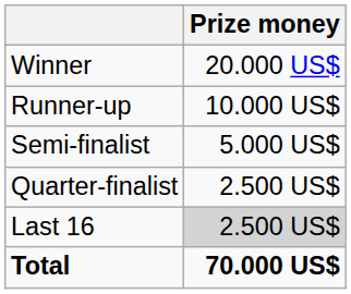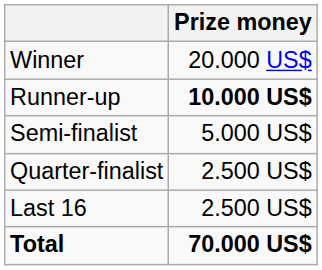 <table class="wikitable sortable">
 <tr>
 <th></th>
 <th>Prize money</th>
 </tr>
 <tr>
 <td>Winner</td>
 <td style="text-align:right">20.000 <a href='#'>US$</a></td>
 </tr>
 <tr>
 <td>Runner-up</td>
-<td style="text-align:right">10.000 US$</td>
+<td style="text-align:right"><strong>10.000 US$</strong></td>
 </tr>
 <tr>
 <td>Semi-finalist</td>
 <td style="text-align:right">5.000 US$</td>
 </tr>
 <tr>
 <td>Quarter-finalist</td>
 <td style="text-align:right">2.500 US$</td>
 </tr>
 <tr>
 <td>Last 16</td>
-<td style="background: lightgrey; text-align:right">2.500 US$</td>
+<td style="text-align:right">2.500 US$</td>
 </tr>
 <tr>
 <td><strong>Total</strong></td>
 <td style="text-align:right"><strong>70.000 US$</strong></td>
 </tr>
 </table>
